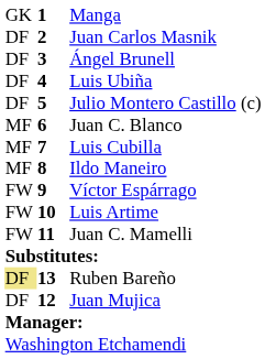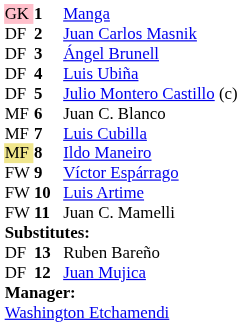 <table style="font-size:90%; margin:0.2em auto;" cellspacing="0" cellpadding="0">
 <tr>
 <th width="25"></th>
 <th width="25"></th>
 </tr>
 <tr>
-<td>GK</td>
+<td style="background: pink;">GK</td>
 <td><strong>1</strong></td>
 <td> <a href='#'>Manga</a></td>
 </tr>
 <tr>
 <td>DF</td>
 <td><strong>2</strong></td>
 <td> <a href='#'>Juan Carlos Masnik</a></td>
 </tr>
 <tr>
 <td>DF</td>
 <td><strong>3</strong></td>
 <td> <a href='#'>Ángel Brunell</a></td>
 </tr>
 <tr>
 <td>DF</td>
 <td><strong>4</strong></td>
 <td> <a href='#'>Luis Ubiña</a></td>
 </tr>
 <tr>
 <td>DF</td>
 <td><strong>5</strong></td>
 <td> <a href='#'>Julio Montero Castillo</a> (c)</td>
 </tr>
 <tr>
 <td>MF</td>
 <td><strong>6</strong></td>
 <td> Juan C. Blanco</td>
 </tr>
 <tr>
 <td>MF</td>
 <td><strong>7</strong></td>
 <td> <a href='#'>Luis Cubilla</a></td>
 <td></td>
 <td></td>
 </tr>
 <tr>
-<td>MF</td>
+<td style="background: khaki;">MF</td>
 <td><strong>8</strong></td>
 <td> <a href='#'>Ildo Maneiro</a></td>
 </tr>
 <tr>
 <td>FW</td>
 <td><strong>9</strong></td>
 <td> <a href='#'>Víctor Espárrago</a></td>
 </tr>
 <tr>
 <td>FW</td>
 <td><strong>10</strong></td>
 <td> <a href='#'>Luis Artime</a></td>
 </tr>
 <tr>
 <td>FW</td>
 <td><strong>11</strong></td>
 <td> Juan C. Mamelli</td>
 <td></td>
 <td></td>
 </tr>
 <tr>
 <td colspan=3><strong>Substitutes:</strong></td>
 </tr>
 <tr>
-<td style="background: khaki;">DF</td>
+<td>DF</td>
 <td><strong>13</strong></td>
 <td> Ruben Bareño</td>
 <td></td>
 <td></td>
 </tr>
 <tr>
 <td>DF</td>
 <td><strong>12</strong></td>
 <td> <a href='#'>Juan Mujica</a></td>
 <td></td>
 <td></td>
 </tr>
 <tr>
 <td colspan=3><strong>Manager:</strong></td>
 </tr>
 <tr>
 <td colspan=4> <a href='#'>Washington Etchamendi</a></td>
 </tr>
 </table>
